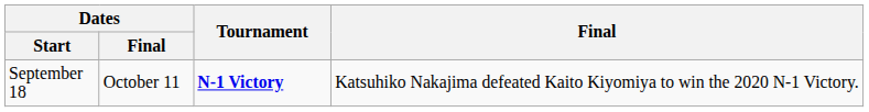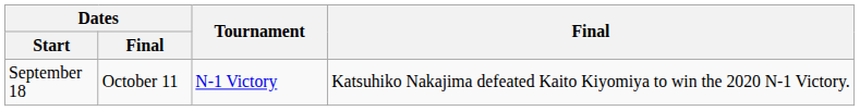 <table class="wikitable">
 <tr>
 <th colspan=2>Dates</th>
 <th rowspan=2 scope="col" style="width: 120px;">Tournament</th>
 <th rowspan=2>Final</th>
 </tr>
 <tr>
 <th scope="col" style="width: 80px;">Start</th>
 <th scope="col" style="width: 80px;">Final</th>
 </tr>
 <tr>
 <td>September 18</td>
 <td>October 11</td>
-<td><strong><a href='#'>N-1 Victory</a></strong></td>
+<td><a href='#'>N-1 Victory</a></td>
 <td>Katsuhiko Nakajima defeated Kaito Kiyomiya to win the 2020 N-1 Victory.</td>
 </tr>
 </table>
